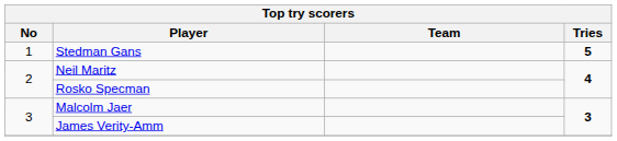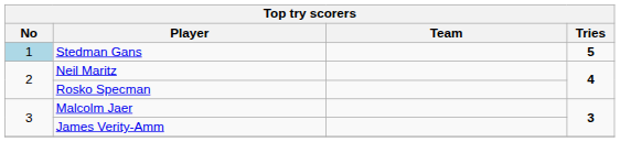 <table class="wikitable collapsible sortable" style="text-align:center; line-height:100%; font-size:100%; width:60%;">
 <tr>
 <th colspan=8>Top try scorers </th>
 </tr>
 <tr>
 <th style="width:6%;">No</th>
 <th style="width:34%;">Player</th>
 <th style="width:30%;">Team</th>
 <th style="width:6%;">Tries<br></th>
 </tr>
 <tr>
-<td>1</td>
+<td style="background: lightblue;">1</td>
 <td style="text-align:left;"><a href='#'>Stedman Gans</a></td>
 <td style="text-align:left;"></td>
 <td><strong>5</strong></td>
 </tr>
 <tr>
 <td rowspan="2">2</td>
 <td style="text-align:left;"><a href='#'>Neil Maritz</a></td>
 <td style="text-align:left;"></td>
 <td rowspan="2"><strong>4</strong></td>
 </tr>
 <tr>
 <td style="text-align:left;"><a href='#'>Rosko Specman</a></td>
 <td style="text-align:left;"></td>
 </tr>
 <tr>
 <td rowspan="2">3</td>
 <td style="text-align:left;"><a href='#'>Malcolm Jaer</a></td>
 <td style="text-align:left;"></td>
 <td rowspan="2"><strong>3</strong></td>
 </tr>
 <tr>
 <td style="text-align:left;"><a href='#'>James Verity-Amm</a></td>
 <td style="text-align:left;"></td>
 </tr>
 <tr>
 </tr>
 </table>
